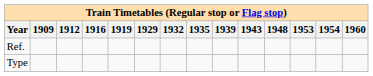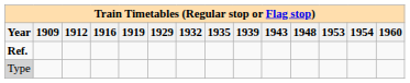 <table class="wikitable">
 <tr>
 <th colspan="15" style="background:#ffdead;">Train Timetables (Regular stop or <a href='#'>Flag stop</a>)</th>
 </tr>
 <tr>
 <th>Year</th>
 <th>1909</th>
 <th>1912</th>
 <th>1916</th>
 <th>1919</th>
 <th>1929</th>
 <th>1932</th>
 <th>1935</th>
 <th>1939</th>
 <th>1943</th>
 <th>1948</th>
 <th>1953</th>
 <th>1954</th>
 <th>1960</th>
 </tr>
 <tr>
-<td>Ref.</td>
+<td><strong>Ref.</strong></td>
 <td></td>
 <td></td>
 <td></td>
 <td></td>
 <td></td>
 <td></td>
 <td></td>
 <td></td>
 <td></td>
 <td></td>
 <td></td>
 <td></td>
 <td></td>
 </tr>
 <tr>
-<td>Type</td>
+<td style="background: lightgrey;">Type</td>
 <td></td>
 <td></td>
 <td></td>
 <td></td>
 <td></td>
 <td></td>
 <td></td>
 <td></td>
 <td></td>
 <td></td>
 <td></td>
 <td></td>
 <td></td>
 </tr>
 </table>
